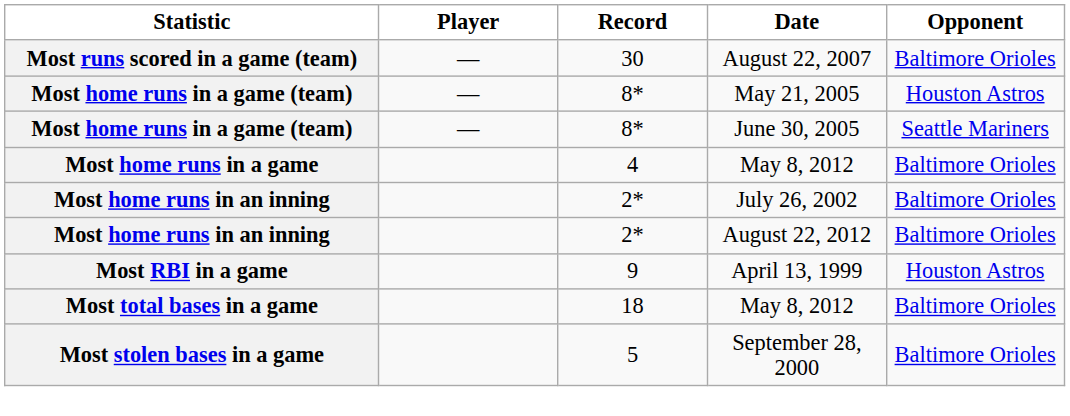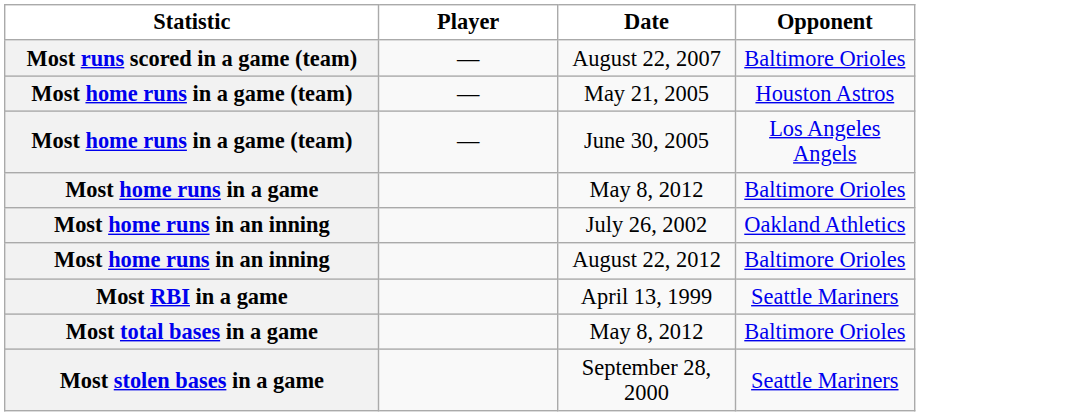 <table class="sortable wikitable plainrowheaders" style="text-align:center">
 <tr>
 <th width="260px" scope="col" style="background-color:#ffffff; border-top:#">Statistic</th>
 <th width="120px" scope="col" style="background-color:#ffffff; border-top:#">Player</th>
-<th width="100px" class="unsortable" scope="col" style="background-color:#ffffff; border-top:#">Record</th>
 <th width="120px" scope="col" style="background-color:#ffffff; border-top:#">Date</th>
 <th width="120px" scope="col" style="background-color:#ffffff; border-top:#">Opponent</th>
 </tr>
 <tr>
 <th scope="row" style="text-align:center">Most <a href='#'>runs</a> scored in a game (team)</th>
 <td>—</td>
-<td>30</td>
 <td>August 22, 2007</td>
 <td><a href='#'>Baltimore Orioles</a></td>
 </tr>
 <tr>
 <th scope="row" style="text-align:center">Most <a href='#'>home runs</a> in a game (team)</th>
 <td>—</td>
-<td>8*</td>
 <td>May 21, 2005</td>
 <td><a href='#'>Houston Astros</a></td>
 </tr>
 <tr>
 <th scope="row" style="text-align:center">Most <a href='#'>home runs</a> in a game (team)</th>
 <td>—</td>
-<td>8*</td>
 <td>June 30, 2005</td>
-<td><a href='#'>Seattle Mariners</a></td>
+<td><a href='#'>Los Angeles Angels</a></td>
 </tr>
 <tr>
 <th scope="row" style="text-align:center">Most <a href='#'>home runs</a> in a game</th>
 <td></td>
-<td>4</td>
 <td>May 8, 2012</td>
 <td><a href='#'>Baltimore Orioles</a></td>
 </tr>
 <tr>
 <th scope="row" style="text-align:center">Most <a href='#'>home runs</a> in an inning</th>
 <td></td>
-<td>2*</td>
 <td>July 26, 2002</td>
-<td><a href='#'>Baltimore Orioles</a></td>
+<td><a href='#'>Oakland Athletics</a></td>
 </tr>
 <tr>
 <th scope="row" style="text-align:center">Most <a href='#'>home runs</a> in an inning</th>
 <td></td>
-<td>2*</td>
 <td>August 22, 2012</td>
 <td><a href='#'>Baltimore Orioles</a></td>
 </tr>
 <tr>
 <th scope="row" style="text-align:center">Most <a href='#'>RBI</a> in a game</th>
 <td></td>
-<td>9</td>
 <td>April 13, 1999</td>
-<td><a href='#'>Houston Astros</a></td>
+<td><a href='#'>Seattle Mariners</a></td>
 </tr>
 <tr>
 <th scope="row" style="text-align:center">Most <a href='#'>total bases</a> in a game</th>
 <td></td>
-<td>18</td>
 <td>May 8, 2012</td>
 <td><a href='#'>Baltimore Orioles</a></td>
 </tr>
 <tr>
 <th scope="row" style="text-align:center">Most <a href='#'>stolen bases</a> in a game</th>
 <td></td>
-<td>5</td>
 <td>September 28, 2000</td>
-<td><a href='#'>Baltimore Orioles</a></td>
+<td><a href='#'>Seattle Mariners</a></td>
 </tr>
 </table>
